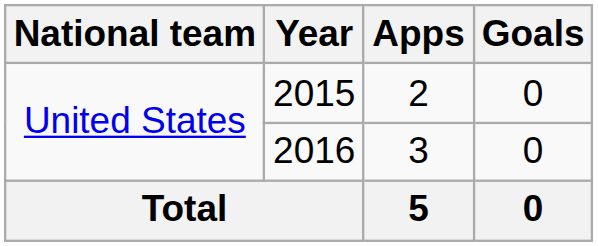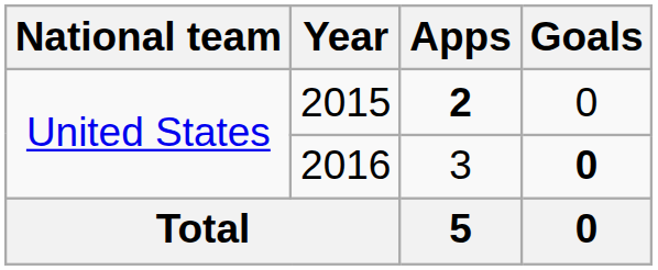 <table class="wikitable" style="text-align:center">
 <tr>
 <th>National team</th>
 <th>Year</th>
 <th>Apps</th>
 <th>Goals</th>
 </tr>
 <tr>
 <td rowspan="2"><a href='#'>United States</a></td>
 <td>2015</td>
-<td>2</td>
+<td><strong>2</strong></td>
 <td>0</td>
 </tr>
 <tr>
 <td>2016</td>
 <td>3</td>
-<td>0</td>
+<td><strong>0</strong></td>
 </tr>
 <tr>
 <th colspan="2">Total</th>
 <th>5</th>
 <th>0</th>
 </tr>
 </table>
